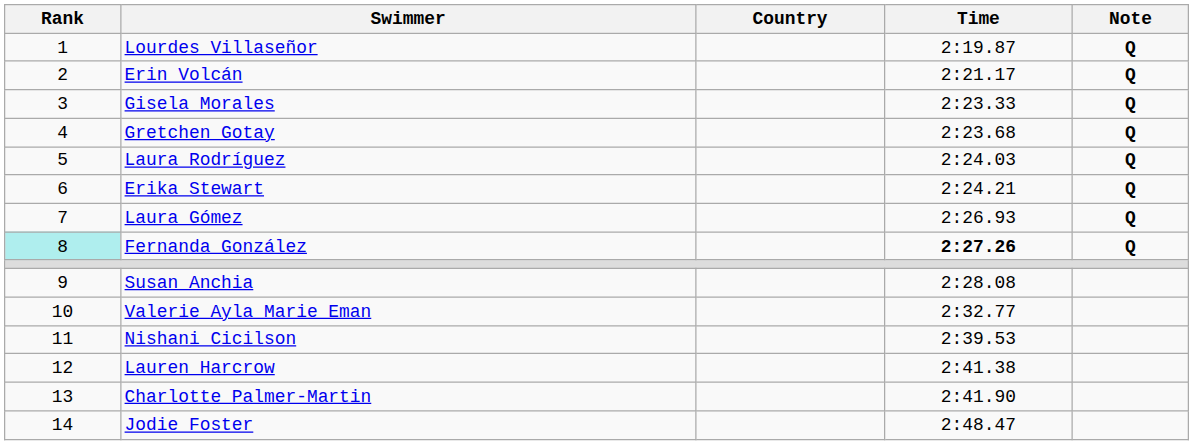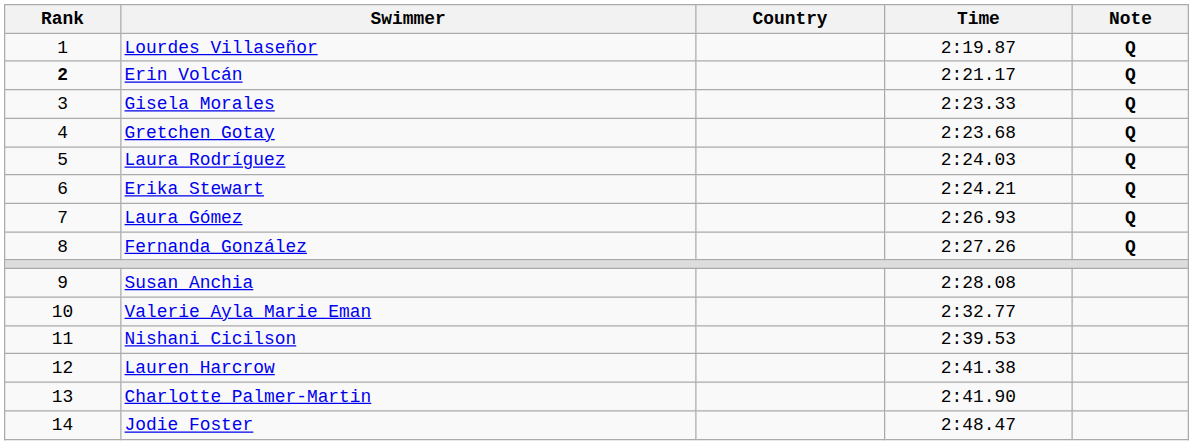 <table class="wikitable" style=" text-align:center; font-size:110%;" width="75%">
 <tr>
 <th>Rank</th>
 <th>Swimmer</th>
 <th>Country</th>
 <th>Time</th>
 <th>Note</th>
 </tr>
 <tr>
 <td>1</td>
 <td align=left><a href='#'>Lourdes Villaseñor</a></td>
 <td align=left></td>
 <td>2:19.87</td>
 <td><strong>Q</strong></td>
 </tr>
 <tr>
-<td>2</td>
+<td><strong>2</strong></td>
 <td align=left><a href='#'>Erin Volcán</a></td>
 <td align=left></td>
 <td>2:21.17</td>
 <td><strong>Q</strong></td>
 </tr>
 <tr>
 <td>3</td>
 <td align=left><a href='#'>Gisela Morales</a></td>
 <td align=left></td>
 <td>2:23.33</td>
 <td><strong>Q</strong></td>
 </tr>
 <tr>
 <td>4</td>
 <td align=left><a href='#'>Gretchen Gotay</a></td>
 <td align=left></td>
 <td>2:23.68</td>
 <td><strong>Q</strong></td>
 </tr>
 <tr>
 <td>5</td>
 <td align=left><a href='#'>Laura Rodríguez</a></td>
 <td align=left></td>
 <td>2:24.03</td>
 <td><strong>Q</strong></td>
 </tr>
 <tr>
 <td>6</td>
 <td align=left><a href='#'>Erika Stewart</a></td>
 <td align=left></td>
 <td>2:24.21</td>
 <td><strong>Q</strong></td>
 </tr>
 <tr>
 <td>7</td>
 <td align=left><a href='#'>Laura Gómez</a></td>
 <td align=left></td>
 <td>2:26.93</td>
 <td><strong>Q</strong></td>
 </tr>
 <tr>
-<td style="background: paleturquoise;">8</td>
+<td>8</td>
 <td align=left><a href='#'>Fernanda González</a></td>
 <td align=left></td>
-<td><strong>2:27.26</strong></td>
+<td>2:27.26</td>
 <td><strong>Q</strong></td>
 </tr>
 <tr bgcolor=#DDDDDD>
 <td colspan=5></td>
 </tr>
 <tr>
 <td>9</td>
 <td align=left><a href='#'>Susan Anchia</a></td>
 <td align=left></td>
 <td>2:28.08</td>
 <td></td>
 </tr>
 <tr>
 <td>10</td>
 <td align=left><a href='#'>Valerie Ayla Marie Eman</a></td>
 <td align=left></td>
 <td>2:32.77</td>
 <td></td>
 </tr>
 <tr>
 <td>11</td>
 <td align=left><a href='#'>Nishani Cicilson</a></td>
 <td align=left></td>
 <td>2:39.53</td>
 <td></td>
 </tr>
 <tr>
 <td>12</td>
 <td align=left><a href='#'>Lauren Harcrow</a></td>
 <td align=left></td>
 <td>2:41.38</td>
 <td></td>
 </tr>
 <tr>
 <td>13</td>
 <td align=left><a href='#'>Charlotte Palmer-Martin</a></td>
 <td align=left></td>
 <td>2:41.90</td>
 <td></td>
 </tr>
 <tr>
 <td>14</td>
 <td align=left><a href='#'>Jodie Foster</a></td>
 <td align=left></td>
 <td>2:48.47</td>
 <td></td>
 </tr>
 </table>
